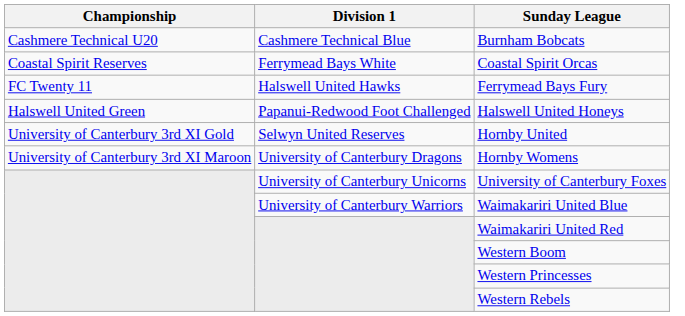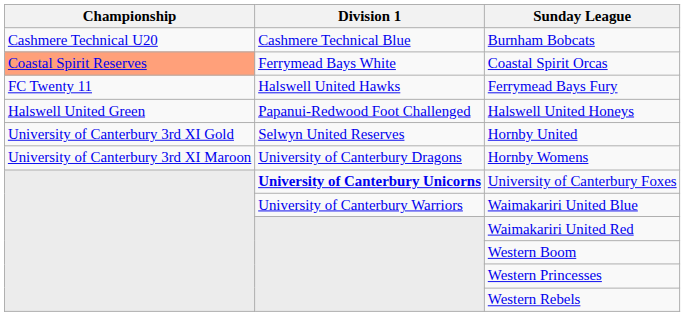 <table class="wikitable defaultleft">
 <tr>
 <th>Championship</th>
 <th>Division 1</th>
 <th colspan=2>Sunday League</th>
 </tr>
 <tr>
 <td><a href='#'>Cashmere Technical U20</a></td>
 <td><a href='#'>Cashmere Technical Blue</a></td>
 <td><a href='#'>Burnham Bobcats</a></td>
 </tr>
 <tr>
-<td><a href='#'>Coastal Spirit Reserves</a></td>
+<td style="background: lightsalmon;"><a href='#'>Coastal Spirit Reserves</a></td>
 <td><a href='#'>Ferrymead Bays White</a></td>
 <td><a href='#'>Coastal Spirit Orcas</a></td>
 </tr>
 <tr>
 <td><a href='#'>FC Twenty 11</a></td>
 <td><a href='#'>Halswell United Hawks</a></td>
 <td><a href='#'>Ferrymead Bays Fury</a></td>
 </tr>
 <tr>
 <td><a href='#'>Halswell United Green</a></td>
 <td><a href='#'>Papanui-Redwood Foot Challenged</a></td>
 <td><a href='#'>Halswell United Honeys</a></td>
 </tr>
 <tr>
 <td><a href='#'>University of Canterbury 3rd XI Gold</a></td>
 <td><a href='#'>Selwyn United Reserves</a></td>
 <td><a href='#'>Hornby United</a></td>
 </tr>
 <tr>
 <td><a href='#'>University of Canterbury 3rd XI Maroon</a></td>
 <td><a href='#'>University of Canterbury Dragons</a></td>
 <td><a href='#'>Hornby Womens</a></td>
 </tr>
 <tr>
 <td rowspan=6 style="background: #ececec;"></td>
-<td><a href='#'>University of Canterbury Unicorns</a></td>
+<td><strong><a href='#'>University of Canterbury Unicorns</a></strong></td>
 <td><a href='#'>University of Canterbury Foxes</a></td>
 </tr>
 <tr>
 <td><a href='#'>University of Canterbury Warriors</a></td>
 <td><a href='#'>Waimakariri United Blue</a></td>
 </tr>
 <tr>
 <td rowspan=4 style="background: #ececec;"></td>
 <td><a href='#'>Waimakariri United Red</a></td>
 </tr>
 <tr>
 <td><a href='#'>Western Boom</a></td>
 </tr>
 <tr>
 <td><a href='#'>Western Princesses</a></td>
 </tr>
 <tr>
 <td><a href='#'>Western Rebels</a></td>
 </tr>
 </table>
